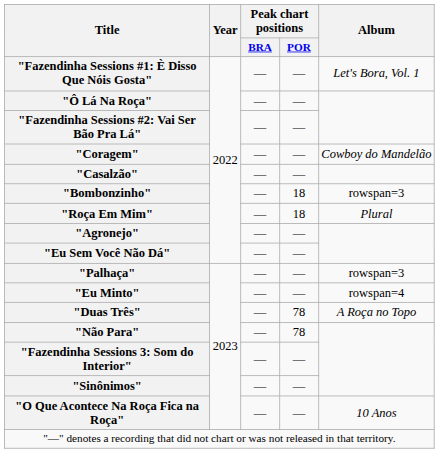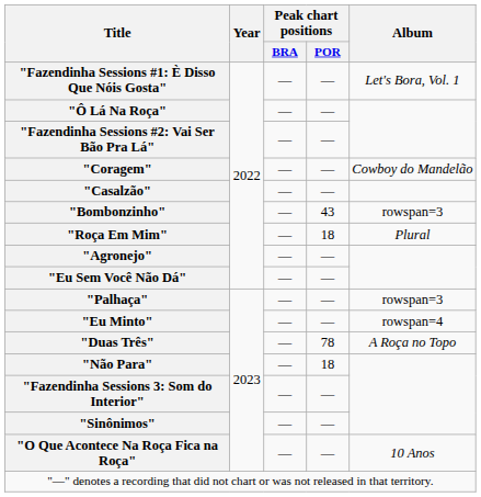 <table class="wikitable plainrowheaders" style="text-align:center;">
 <tr>
 <th scope="col" rowspan="2" style="width:16em;">Title</th>
 <th scope="col" rowspan="2">Year</th>
 <th scope="col" colspan="2">Peak chart positions</th>
 <th scope="col" rowspan="2">Album</th>
 </tr>
 <tr>
 <th scope="col" style="width:3em;font-size:90%;"><a href='#'>BRA </a><br></th>
 <th scope="col" style="width:3em;font-size:90%;"><a href='#'>POR</a><br></th>
 </tr>
 <tr>
 <th scope="row">"Fazendinha Sessions #1: È Disso Que Nóis Gosta"<br></th>
 <td rowspan="9">2022</td>
 <td>—</td>
 <td>—</td>
 <td><em>Let's Bora, Vol. 1</em></td>
 </tr>
 <tr>
 <th scope="row">"Ô Lá Na Roça"<br></th>
 <td>—</td>
 <td>—</td>
 </tr>
 <tr>
 <th scope="row">"Fazendinha Sessions #2: Vai Ser Bão Pra Lá"<br></th>
 <td>—</td>
 <td>—</td>
 </tr>
 <tr>
 <th scope="row">"Coragem"<br></th>
 <td>—</td>
 <td>—</td>
 <td><em>Cowboy do Mandelão</em></td>
 </tr>
 <tr>
 <th scope="row">"Casalzão"<br></th>
 <td>—</td>
 <td>—</td>
 <td></td>
 </tr>
 <tr>
 <th scope="row">"Bombonzinho"<br></th>
 <td>—</td>
-<td>18</td>
+<td>43</td>
 <td>rowspan=3 </td>
 </tr>
 <tr>
 <th scope="row">"Roça Em Mim"<br></th>
 <td>—</td>
 <td>18</td>
 <td><em>Plural</em></td>
 </tr>
 <tr>
 <th scope="row">"Agronejo"<br></th>
 <td>—</td>
 <td>—</td>
 </tr>
 <tr>
 <th scope="row">"Eu Sem Você Não Dá"<br></th>
 <td>—</td>
 <td>—</td>
 </tr>
 <tr>
 <th scope="row">"Palhaça" </th>
 <td rowspan="7">2023</td>
 <td>—</td>
 <td>—</td>
 <td>rowspan=3 </td>
 </tr>
 <tr>
 <th scope="row">"Eu Minto" </th>
 <td>—</td>
 <td>—</td>
 <td>rowspan=4 </td>
 </tr>
 <tr>
 <th scope="row">"Duas Três"</th>
 <td>—</td>
 <td>78</td>
 <td><em>A Roça no Topo</em></td>
 </tr>
 <tr>
 <th scope="row">"Não Para"</th>
 <td>—</td>
-<td>78</td>
+<td>18</td>
 </tr>
 <tr>
 <th scope="row">"Fazendinha Sessions 3: Som do Interior"<br></th>
 <td>—</td>
 <td>—</td>
 </tr>
 <tr>
 <th scope="row">"Sinônimos"<br></th>
 <td>—</td>
 <td>—</td>
 </tr>
 <tr>
 <th scope="row">"O Que Acontece Na Roça Fica na Roça"<br></th>
 <td>—</td>
 <td>—</td>
 <td><em>10 Anos</em></td>
 </tr>
 <tr>
 <td colspan="6" style="font-size:90%">"—" denotes a recording that did not chart or was not released in that territory.</td>
 </tr>
 </table>
